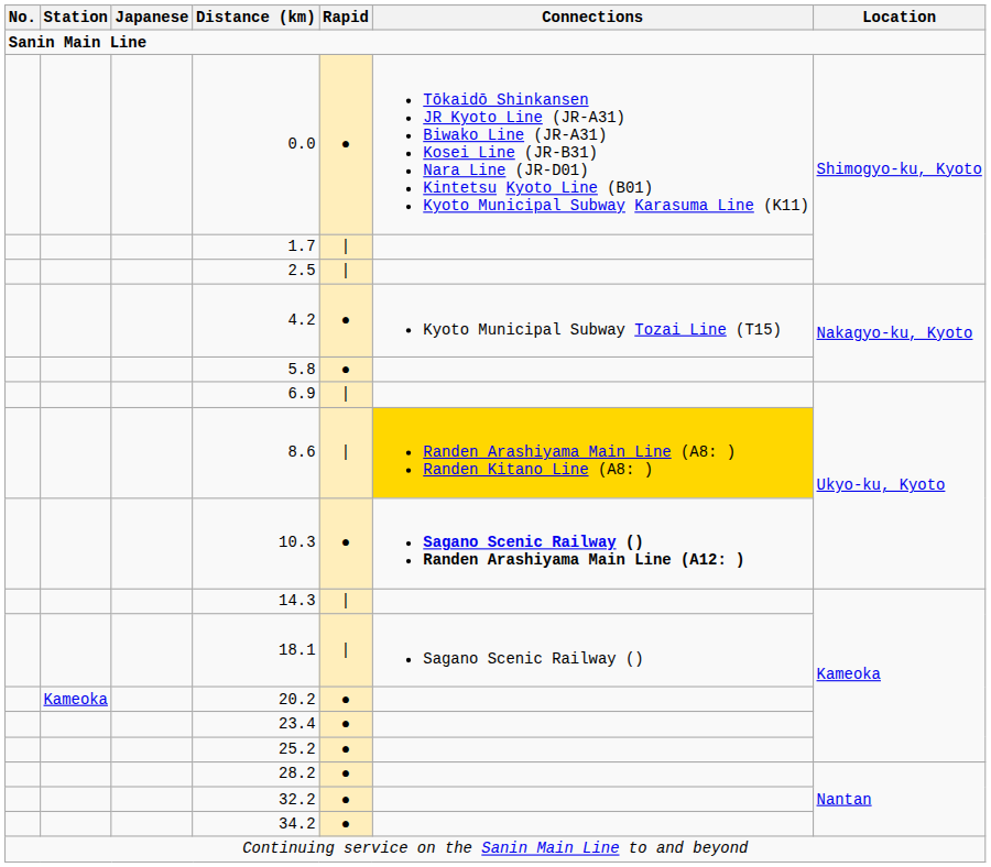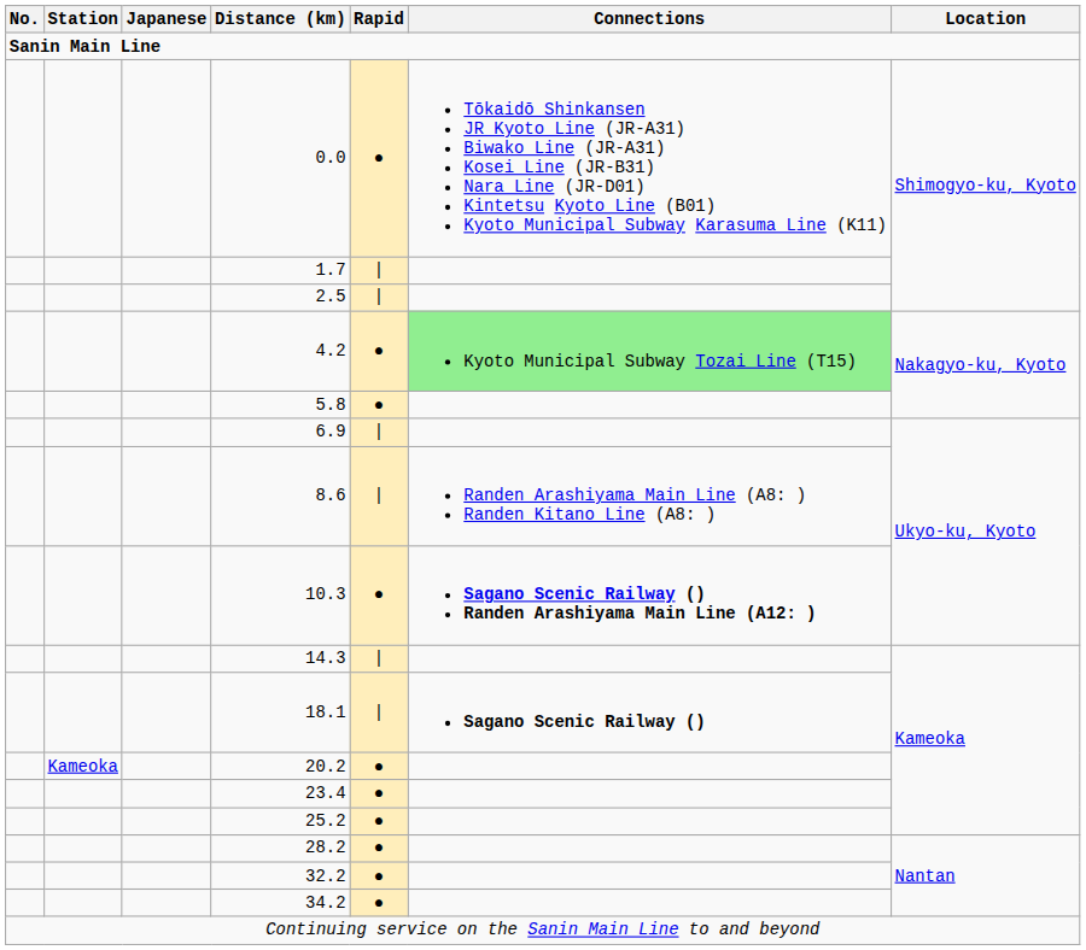 <table class="wikitable" rules="all">
 <tr>
 <th>No.</th>
 <th>Station</th>
 <th>Japanese</th>
 <th>Distance (km)</th>
 <th>Rapid</th>
 <th>Connections</th>
 <th>Location</th>
 </tr>
 <tr>
 <td colspan=7><strong>Sanin Main Line</strong></td>
 </tr>
 <tr>
 <td></td>
 <td></td>
 <td></td>
 <td align="right">0.0</td>
 <td style="text-align:center; background-color:#feb;">●</td>
 <td><br><ul><li> <a href='#'>Tōkaidō Shinkansen</a></li><li> <a href='#'>JR Kyoto Line</a> (JR-A31)</li><li> <a href='#'>Biwako Line</a> (JR-A31)</li><li> <a href='#'>Kosei Line</a> (JR-B31)</li><li> <a href='#'>Nara Line</a> (JR-D01)</li><li> <a href='#'>Kintetsu</a> <a href='#'>Kyoto Line</a> (B01)</li><li> <a href='#'>Kyoto Municipal Subway</a> <a href='#'>Karasuma Line</a> (K11)</li></ul></td>
 <td rowspan=3><a href='#'>Shimogyo-ku, Kyoto</a></td>
 </tr>
 <tr>
 <td></td>
 <td></td>
 <td></td>
 <td align="right">1.7</td>
 <td style="text-align:center; background-color:#feb;">|</td>
 <td></td>
 </tr>
 <tr>
 <td></td>
 <td></td>
 <td></td>
 <td align="right">2.5</td>
 <td style="text-align:center; background-color:#feb;">|</td>
 <td></td>
 </tr>
 <tr>
 <td></td>
 <td></td>
 <td></td>
 <td align="right">4.2</td>
 <td style="text-align:center; background-color:#feb;">●</td>
-<td><br><ul><li> Kyoto Municipal Subway <a href='#'>Tozai Line</a> (T15)</li></ul></td>
+<td style="background: lightgreen;"><br><ul><li> Kyoto Municipal Subway <a href='#'>Tozai Line</a> (T15)</li></ul></td>
 <td rowspan=2><a href='#'>Nakagyo-ku, Kyoto</a></td>
 </tr>
 <tr>
 <td></td>
 <td></td>
 <td></td>
 <td align="right">5.8</td>
 <td style="text-align:center; background-color:#feb;">●</td>
 <td></td>
 </tr>
 <tr>
 <td></td>
 <td></td>
 <td></td>
 <td align="right">6.9</td>
 <td style="text-align:center; background-color:#feb;">|</td>
 <td></td>
 <td rowspan=3><a href='#'>Ukyo-ku, Kyoto</a></td>
 </tr>
 <tr>
 <td></td>
 <td></td>
 <td></td>
 <td align="right">8.6</td>
 <td style="text-align:center; background-color:#feb;">|</td>
-<td style="background: gold;"><br><ul><li> <a href='#'>Randen Arashiyama Main Line</a> (A8: )</li><li> <a href='#'>Randen Kitano Line</a> (A8: )</li></ul></td>
+<td><br><ul><li> <a href='#'>Randen Arashiyama Main Line</a> (A8: )</li><li> <a href='#'>Randen Kitano Line</a> (A8: )</li></ul></td>
 </tr>
 <tr>
 <td></td>
 <td></td>
 <td></td>
 <td align="right">10.3</td>
 <td style="text-align:center; background-color:#feb;">●</td>
 <td><strong><br><ul><li><a href='#'>Sagano Scenic Railway</a> ()</li><li> Randen Arashiyama Main Line (A12: )</li></ul></strong></td>
 </tr>
 <tr>
 <td></td>
 <td></td>
 <td></td>
 <td align="right">14.3</td>
 <td style="text-align:center; background-color:#feb;">|</td>
 <td></td>
 <td rowspan=5><a href='#'>Kameoka</a></td>
 </tr>
 <tr>
 <td></td>
 <td></td>
 <td></td>
 <td align="right">18.1</td>
 <td style="text-align:center; background-color:#feb;">|</td>
-<td><br><ul><li>Sagano Scenic Railway ()</li></ul></td>
+<td><strong><br><ul><li>Sagano Scenic Railway ()</li></ul></strong></td>
 </tr>
 <tr>
 <td></td>
 <td><a href='#'>Kameoka</a></td>
 <td></td>
 <td align="right">20.2</td>
 <td style="text-align:center; background-color:#feb;">●</td>
 <td></td>
 </tr>
 <tr>
 <td></td>
 <td></td>
 <td></td>
 <td align="right">23.4</td>
 <td style="text-align:center; background-color:#feb;">●</td>
 <td></td>
 </tr>
 <tr>
 <td></td>
 <td></td>
 <td></td>
 <td align="right">25.2</td>
 <td style="text-align:center; background-color:#feb;">●</td>
 <td></td>
 </tr>
 <tr>
 <td></td>
 <td></td>
 <td></td>
 <td align="right">28.2</td>
 <td style="text-align:center; background-color:#feb;">●</td>
 <td></td>
 <td rowspan=3><a href='#'>Nantan</a></td>
 </tr>
 <tr>
 <td></td>
 <td></td>
 <td></td>
 <td align="right">32.2</td>
 <td style="text-align:center; background-color:#feb;">●</td>
 <td></td>
 </tr>
 <tr>
 <td></td>
 <td></td>
 <td></td>
 <td align="right">34.2</td>
 <td style="text-align:center; background-color:#feb;">●</td>
 <td></td>
 </tr>
 <tr>
 <td colspan=7 align="center"><em>Continuing service on the <a href='#'>Sanin Main Line</a> to  and beyond</em></td>
 </tr>
 </table>
